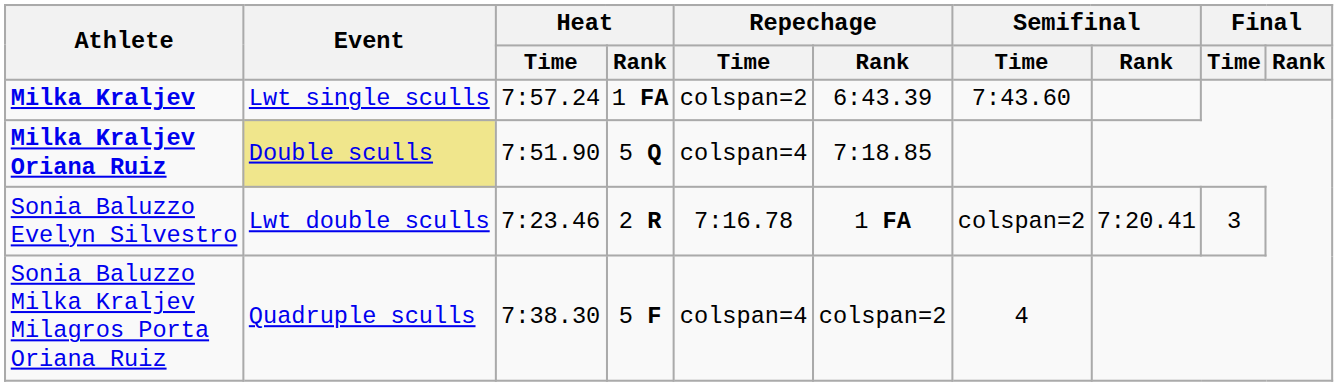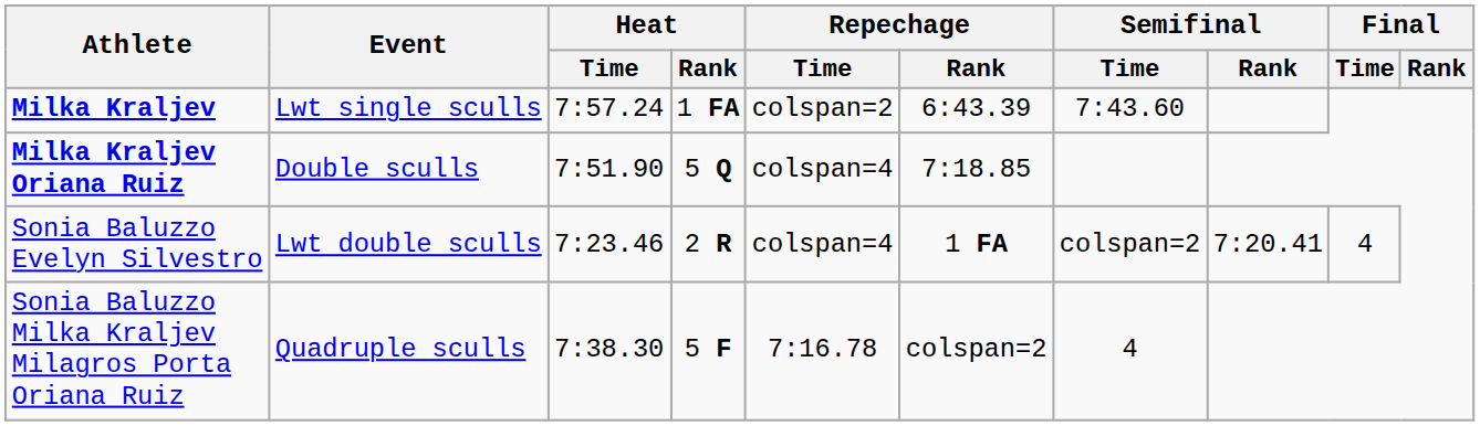 <table class="wikitable" style="font-size:90%;text-align:center">
 <tr>
 <th rowspan=2>Athlete</th>
 <th rowspan=2>Event</th>
 <th colspan=2>Heat</th>
 <th colspan=2>Repechage</th>
 <th colspan=2>Semifinal</th>
 <th colspan=2>Final</th>
 </tr>
 <tr style=font-size:95%>
 <th>Time</th>
 <th>Rank</th>
 <th>Time</th>
 <th>Rank</th>
 <th>Time</th>
 <th>Rank</th>
 <th>Time</th>
 <th>Rank</th>
 </tr>
 <tr>
 <td style="text-align:left"><strong><a href='#'>Milka Kraljev</a></strong></td>
 <td style="text-align:left"><a href='#'>Lwt single sculls</a></td>
 <td>7:57.24</td>
 <td>1 <strong>FA</strong></td>
 <td>colspan=2 </td>
 <td>6:43.39</td>
 <td>7:43.60</td>
 <td></td>
 </tr>
 <tr>
 <td style="text-align:left"><strong><a href='#'>Milka Kraljev</a><br><a href='#'>Oriana Ruiz</a></strong></td>
-<td style="background: khaki; text-align:left"><a href='#'>Double sculls</a></td>
+<td style="text-align:left"><a href='#'>Double sculls</a></td>
 <td>7:51.90</td>
 <td>5 <strong>Q</strong></td>
 <td>colspan=4 </td>
 <td>7:18.85</td>
 <td></td>
 </tr>
 <tr>
 <td style="text-align:left"><a href='#'>Sonia Baluzzo</a><br><a href='#'>Evelyn Silvestro</a></td>
 <td style="text-align:left"><a href='#'>Lwt double sculls</a></td>
 <td>7:23.46</td>
 <td>2 <strong>R</strong></td>
-<td>7:16.78</td>
+<td>colspan=4 </td>
 <td>1 <strong>FA</strong></td>
 <td>colspan=2 </td>
 <td>7:20.41</td>
-<td>3</td>
+<td>4</td>
 </tr>
 <tr>
 <td style="text-align:left"><a href='#'>Sonia Baluzzo</a><br><a href='#'>Milka Kraljev</a><br><a href='#'>Milagros Porta</a><br><a href='#'>Oriana Ruiz</a></td>
 <td style="text-align:left"><a href='#'>Quadruple sculls</a></td>
 <td>7:38.30</td>
 <td>5 <strong>F</strong></td>
-<td>colspan=4 </td>
+<td>7:16.78</td>
 <td>colspan=2 </td>
 <td>4</td>
 </tr>
 </table>
